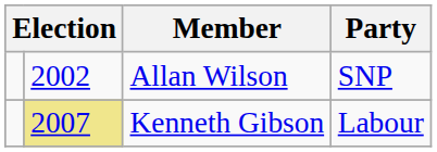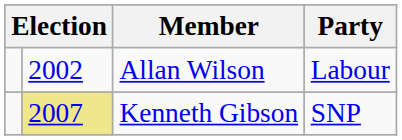 <table class="wikitable">
 <tr>
 <th colspan="2">Election</th>
 <th>Member</th>
 <th>Party</th>
 </tr>
 <tr>
 <td style="background-color: "></td>
 <td><a href='#'>2002</a></td>
 <td><a href='#'>Allan Wilson</a></td>
-<td><a href='#'>SNP</a></td>
+<td><a href='#'>Labour</a></td>
 </tr>
 <tr>
 <td style="background-color: "></td>
 <td style="background: khaki;"><a href='#'>2007</a></td>
 <td><a href='#'>Kenneth Gibson</a></td>
-<td><a href='#'>Labour</a></td>
+<td><a href='#'>SNP</a></td>
 </tr>
 </table>
